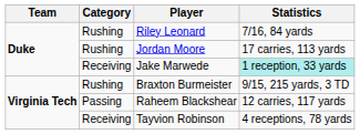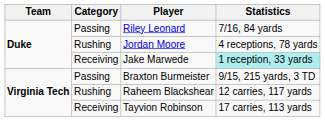 <table class="wikitable" style="float: right;">
 <tr>
 <th>Team</th>
 <th>Category</th>
 <th>Player</th>
 <th>Statistics</th>
 </tr>
 <tr>
 <td rowspan=3><strong>Duke</strong></td>
-<td>Rushing</td>
+<td>Passing</td>
 <td><a href='#'>Riley Leonard</a></td>
 <td>7/16, 84 yards</td>
 </tr>
 <tr>
 <td>Rushing</td>
 <td><a href='#'>Jordan Moore</a></td>
-<td>17 carries, 113 yards</td>
+<td>4 receptions, 78 yards</td>
 </tr>
 <tr>
 <td>Receiving</td>
 <td>Jake Marwede</td>
 <td style="background: paleturquoise;">1 reception, 33 yards</td>
 </tr>
 <tr>
 <td rowspan=3><strong>Virginia Tech</strong></td>
-<td>Rushing</td>
+<td>Passing</td>
 <td>Braxton Burmeister</td>
 <td>9/15, 215 yards, 3 TD</td>
 </tr>
 <tr>
-<td>Passing</td>
+<td>Rushing</td>
 <td>Raheem Blackshear</td>
 <td>12 carries, 117 yards</td>
 </tr>
 <tr>
 <td>Receiving</td>
 <td>Tayvion Robinson</td>
-<td>4 receptions, 78 yards</td>
+<td>17 carries, 113 yards</td>
 </tr>
 </table>
